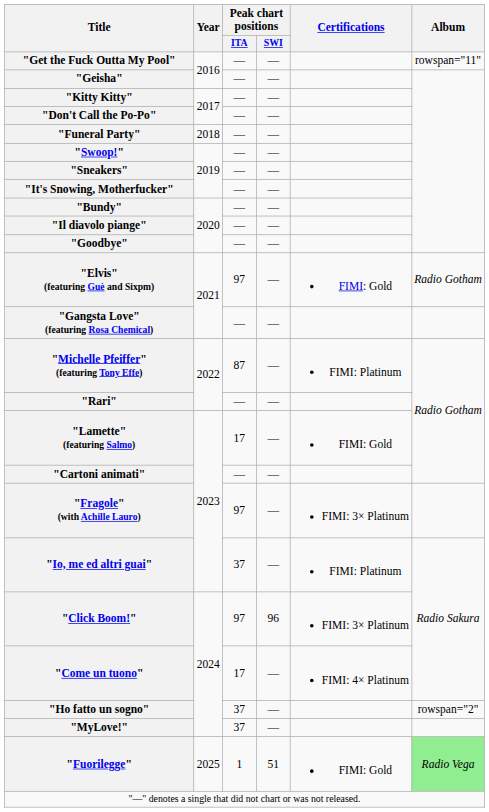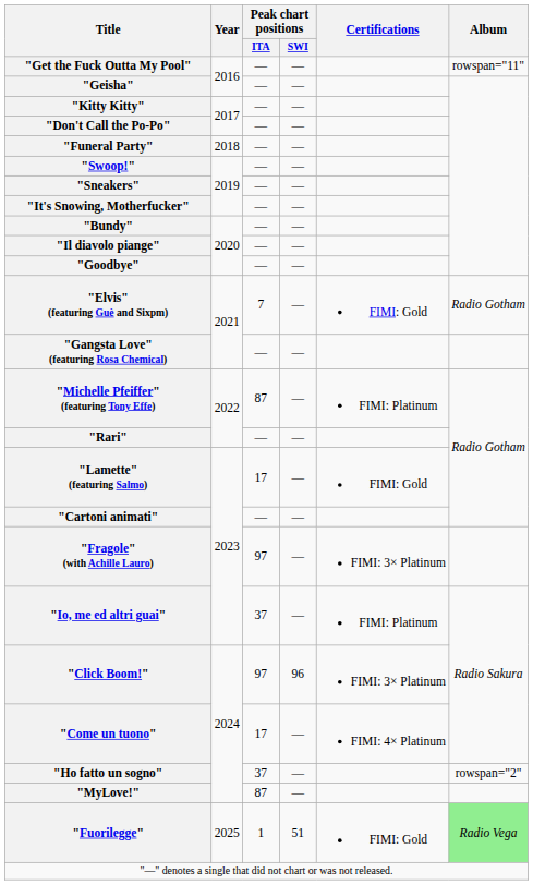 <table class="wikitable plainrowheaders" style="text-align:center;">
 <tr>
 <th scope="col" rowspan="2" style="width:16em;">Title</th>
 <th scope="col" rowspan="2" style="width:1em;">Year</th>
 <th scope="col" colspan="2">Peak chart positions</th>
 <th scope="col" rowspan="2"><a href='#'>Certifications</a></th>
 <th scope="col" rowspan="2">Album</th>
 </tr>
 <tr>
 <th scope="col" style="width:3em;font-size:85%;"><a href='#'>ITA</a><br></th>
 <th style="width:3em;font-size:85%"><a href='#'>SWI</a><br></th>
 </tr>
 <tr>
 <th scope="row">"Get the Fuck Outta My Pool"</th>
 <td rowspan="2">2016</td>
 <td>—</td>
 <td>—</td>
 <td></td>
 <td>rowspan="11" </td>
 </tr>
 <tr>
 <th scope="row">"Geisha"</th>
 <td>—</td>
 <td>—</td>
 <td></td>
 </tr>
 <tr>
 <th scope="row">"Kitty Kitty"</th>
 <td rowspan="2">2017</td>
 <td>—</td>
 <td>—</td>
 <td></td>
 </tr>
 <tr>
 <th scope="row">"Don't Call the Po-Po"</th>
 <td>—</td>
 <td>—</td>
 <td></td>
 </tr>
 <tr>
 <th scope="row">"Funeral Party"</th>
 <td>2018</td>
 <td>—</td>
 <td>—</td>
 <td></td>
 </tr>
 <tr>
 <th scope="row">"<a href='#'>Swoop!</a>"</th>
 <td rowspan="3">2019</td>
 <td>—</td>
 <td>—</td>
 <td></td>
 </tr>
 <tr>
 <th scope="row">"Sneakers"</th>
 <td>—</td>
 <td>—</td>
 <td></td>
 </tr>
 <tr>
 <th scope="row">"It's Snowing, Motherfucker"</th>
 <td>—</td>
 <td>—</td>
 <td></td>
 </tr>
 <tr>
 <th scope="row">"Bundy"</th>
 <td rowspan="3">2020</td>
 <td>—</td>
 <td>—</td>
 <td></td>
 </tr>
 <tr>
 <th scope="row">"Il diavolo piange"</th>
 <td>—</td>
 <td>—</td>
 <td></td>
 </tr>
 <tr>
 <th scope="row">"Goodbye"</th>
 <td>—</td>
 <td>—</td>
 <td></td>
 </tr>
 <tr>
 <th scope="row">"Elvis"<br><small>(featuring <a href='#'>Guè</a> and Sixpm)</small></th>
 <td rowspan="2">2021</td>
-<td>97</td>
+<td>7</td>
 <td>—</td>
 <td><br><ul><li><a href='#'>FIMI</a>: Gold</li></ul></td>
 <td><em>Radio Gotham</em></td>
 </tr>
 <tr>
 <th scope="row">"Gangsta Love"<br><small>(featuring <a href='#'>Rosa Chemical</a>)</small></th>
 <td>—</td>
 <td>—</td>
 <td></td>
 <td></td>
 </tr>
 <tr>
 <th scope="row">"<a href='#'>Michelle Pfeiffer</a>"<br><small>(featuring <a href='#'>Tony Effe</a>)</small></th>
 <td rowspan="2">2022</td>
 <td>87</td>
 <td>—</td>
 <td><br><ul><li>FIMI: Platinum</li></ul></td>
 <td rowspan="4"><em>Radio Gotham</em></td>
 </tr>
 <tr>
 <th scope="row">"Rari"</th>
 <td>—</td>
 <td>—</td>
 <td></td>
 </tr>
 <tr>
 <th scope="row">"Lamette"<br><small>(featuring <a href='#'>Salmo</a>)</small></th>
 <td rowspan="4">2023</td>
 <td>17</td>
 <td>—</td>
 <td><br><ul><li>FIMI: Gold</li></ul></td>
 </tr>
 <tr>
 <th scope="row">"Cartoni animati"</th>
 <td>—</td>
 <td>—</td>
 <td></td>
 </tr>
 <tr>
 <th scope="row">"<a href='#'>Fragole</a>"<br><small>(with <a href='#'>Achille Lauro</a>)</small></th>
 <td>97</td>
 <td>—</td>
 <td><br><ul><li>FIMI: 3× Platinum</li></ul></td>
 <td></td>
 </tr>
 <tr>
 <th scope="row">"<a href='#'>Io, me ed altri guai</a>"</th>
 <td>37</td>
 <td>—</td>
 <td><br><ul><li>FIMI: Platinum</li></ul></td>
 <td rowspan="3"><em>Radio Sakura</em></td>
 </tr>
 <tr>
 <th scope="row">"<a href='#'>Click Boom!</a>"</th>
 <td rowspan="4">2024</td>
 <td>97</td>
 <td>96</td>
 <td><br><ul><li>FIMI: 3× Platinum</li></ul></td>
 </tr>
 <tr>
 <th scope="row">"<a href='#'>Come un tuono</a>"<br></th>
 <td>17</td>
 <td>—</td>
 <td><br><ul><li>FIMI: 4× Platinum</li></ul></td>
 </tr>
 <tr>
 <th scope="row">"Ho fatto un sogno"<br></th>
 <td>37</td>
 <td>—</td>
 <td></td>
 <td>rowspan="2" </td>
 </tr>
 <tr>
 <th scope="row">"MyLove!"<br></th>
-<td>37</td>
+<td>87</td>
 <td>—</td>
 <td></td>
 </tr>
 <tr>
 <th scope="row">"<a href='#'>Fuorilegge</a>"</th>
 <td>2025</td>
 <td>1</td>
 <td>51</td>
 <td><br><ul><li>FIMI: Gold</li></ul></td>
 <td style="background: lightgreen;"><em>Radio Vega</em></td>
 </tr>
 <tr>
 <td colspan="6" style="text-align:center; font-size:85%;">"—" denotes a single that did not chart or was not released.</td>
 </tr>
 </table>
